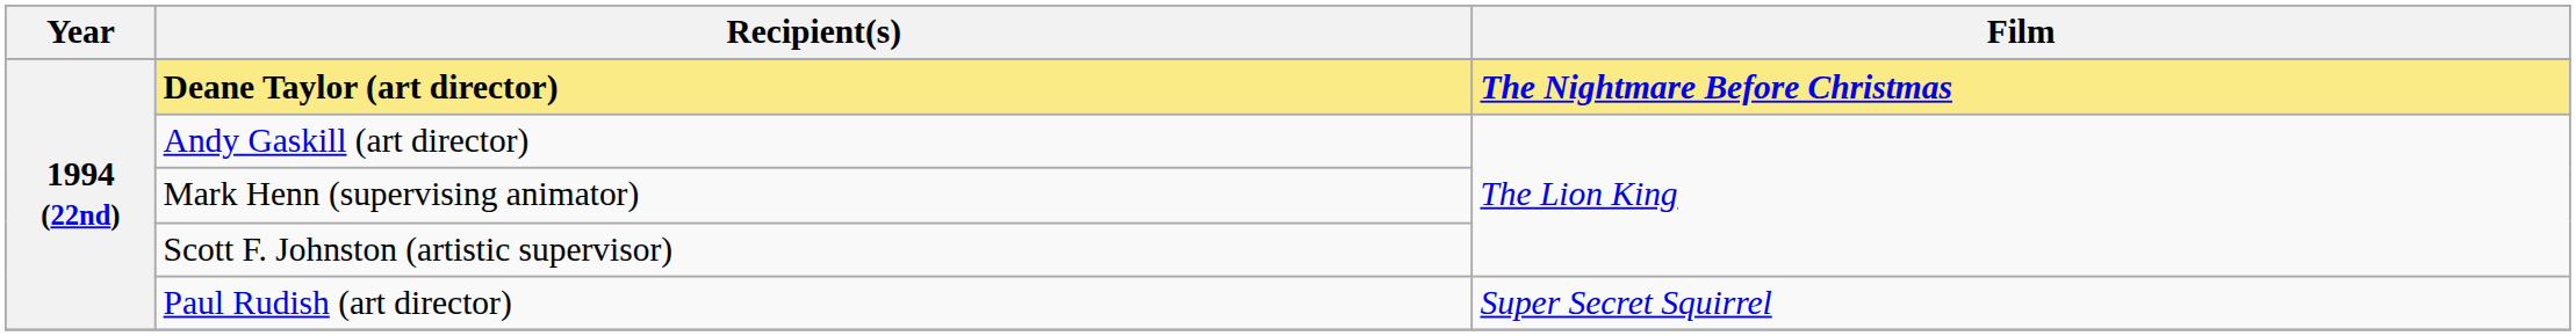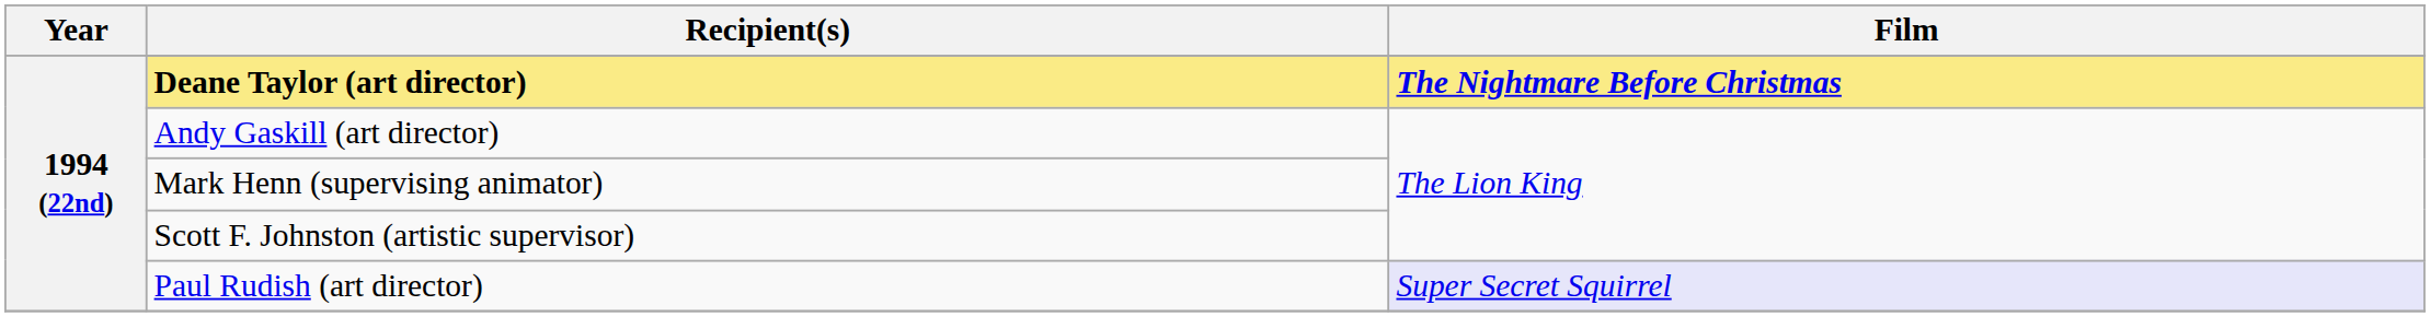 <table class="wikitable" style="width:95%;">
 <tr>
 <th style="width:3%;">Year</th>
 <th style="width:30%;">Recipient(s)</th>
 <th style="width:25%;">Film</th>
 </tr>
 <tr>
 <th rowspan="6" style="text-align:center;">1994 <br><small>(<a href='#'>22nd</a>)</small><br></th>
 </tr>
 <tr>
 <td style="background:#FAEB86;"><strong>Deane Taylor (art director)</strong></td>
 <td style="background:#FAEB86;"><strong><em><a href='#'>The Nightmare Before Christmas</a></em></strong></td>
 </tr>
 <tr>
 <td><a href='#'>Andy Gaskill</a> (art director)</td>
 <td rowspan="3"><em><a href='#'>The Lion King</a></em></td>
 </tr>
 <tr>
 <td>Mark Henn (supervising animator)</td>
 </tr>
 <tr>
 <td>Scott F. Johnston (artistic supervisor)</td>
 </tr>
 <tr>
 <td><a href='#'>Paul Rudish</a> (art director)</td>
-<td><em><a href='#'>Super Secret Squirrel</a></em></td>
+<td style="background: lavender;"><em><a href='#'>Super Secret Squirrel</a></em></td>
 </tr>
 <tr>
 </tr>
 </table>
